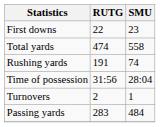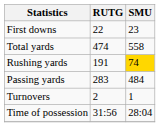 <table class="wikitable">
 <tr>
 <th>Statistics</th>
 <th>RUTG</th>
 <th>SMU</th>
 </tr>
 <tr>
 <td>First downs</td>
 <td>22</td>
 <td>23</td>
 </tr>
 <tr>
 <td>Total yards</td>
 <td>474</td>
 <td>558</td>
 </tr>
 <tr>
 <td>Rushing yards</td>
 <td>191</td>
-<td>74</td>
+<td style="background: gold;">74</td>
+</tr>
+<tr>
+<td>Passing yards</td>
+<td>283</td>
+<td>484</td>
+</tr>
+<tr>
+<td>Turnovers</td>
+<td>2</td>
+<td>1</td>
 </tr>
 <tr>
 <td>Time of possession</td>
 <td>31:56</td>
 <td>28:04</td>
 </tr>
 <tr>
-<td>Turnovers</td>
-<td>2</td>
-<td>1</td>
-</tr>
-<tr>
-<td>Passing yards</td>
-<td>283</td>
-<td>484</td>
-</tr>
-<tr>
 </tr>
 </table>
